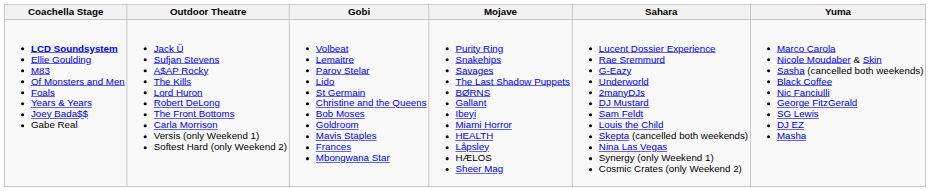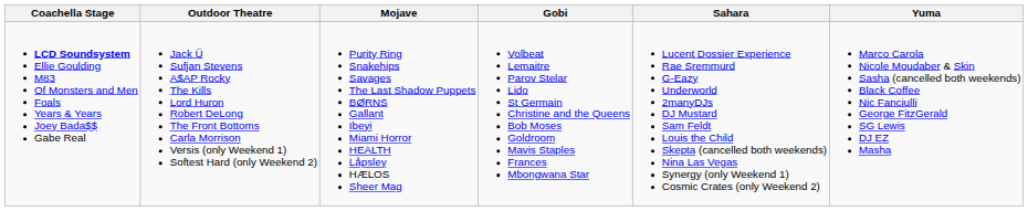 <table class="wikitable">
 <tr>
 <th>Coachella Stage</th>
 <th>Outdoor Theatre</th>
+<th>Mojave</th>
 <th>Gobi</th>
-<th>Mojave</th>
 <th>Sahara</th>
 <th>Yuma</th>
 </tr>
 <tr valign="top">
 <td><br><ul><li><strong><a href='#'>LCD Soundsystem</a></strong></li><li><a href='#'>Ellie Goulding</a></li><li><a href='#'>M83</a></li><li><a href='#'>Of Monsters and Men</a></li><li><a href='#'>Foals</a></li><li><a href='#'>Years & Years</a></li><li><a href='#'>Joey Bada$$</a></li><li>Gabe Real</li></ul></td>
 <td><br><ul><li><a href='#'>Jack Ü</a></li><li><a href='#'>Sufjan Stevens</a></li><li><a href='#'>A$AP Rocky</a></li><li><a href='#'>The Kills</a></li><li><a href='#'>Lord Huron</a></li><li><a href='#'>Robert DeLong</a></li><li><a href='#'>The Front Bottoms</a></li><li><a href='#'>Carla Morrison</a></li><li>Versis (only Weekend 1)</li><li>Softest Hard (only Weekend 2)</li></ul></td>
+<td><br><ul><li><a href='#'>Purity Ring</a></li><li><a href='#'>Snakehips</a></li><li><a href='#'>Savages</a></li><li><a href='#'>The Last Shadow Puppets</a></li><li><a href='#'>BØRNS</a></li><li><a href='#'>Gallant</a></li><li><a href='#'>Ibeyi</a></li><li><a href='#'>Miami Horror</a></li><li><a href='#'>HEALTH</a></li><li><a href='#'>Låpsley</a></li><li>HÆLOS</li><li><a href='#'>Sheer Mag</a></li></ul></td>
 <td><br><ul><li><a href='#'>Volbeat</a></li><li><a href='#'>Lemaitre</a></li><li><a href='#'>Parov Stelar</a></li><li><a href='#'>Lido</a></li><li><a href='#'>St Germain</a></li><li><a href='#'>Christine and the Queens</a></li><li><a href='#'>Bob Moses</a></li><li><a href='#'>Goldroom</a></li><li><a href='#'>Mavis Staples</a></li><li><a href='#'>Frances</a></li><li><a href='#'>Mbongwana Star</a></li></ul></td>
-<td><br><ul><li><a href='#'>Purity Ring</a></li><li><a href='#'>Snakehips</a></li><li><a href='#'>Savages</a></li><li><a href='#'>The Last Shadow Puppets</a></li><li><a href='#'>BØRNS</a></li><li><a href='#'>Gallant</a></li><li><a href='#'>Ibeyi</a></li><li><a href='#'>Miami Horror</a></li><li><a href='#'>HEALTH</a></li><li><a href='#'>Låpsley</a></li><li>HÆLOS</li><li><a href='#'>Sheer Mag</a></li></ul></td>
 <td><br><ul><li><a href='#'>Lucent Dossier Experience</a></li><li><a href='#'>Rae Sremmurd</a></li><li><a href='#'>G-Eazy</a></li><li><a href='#'>Underworld</a></li><li><a href='#'>2manyDJs</a></li><li><a href='#'>DJ Mustard</a></li><li><a href='#'>Sam Feldt</a></li><li><a href='#'>Louis the Child</a></li><li><a href='#'>Skepta</a> (cancelled both weekends)</li><li><a href='#'>Nina Las Vegas</a></li><li>Synergy (only Weekend 1)</li><li>Cosmic Crates (only Weekend 2)</li></ul></td>
 <td><br><ul><li><a href='#'>Marco Carola</a></li><li><a href='#'>Nicole Moudaber</a> & <a href='#'>Skin</a></li><li><a href='#'>Sasha</a> (cancelled both weekends)</li><li><a href='#'>Black Coffee</a></li><li><a href='#'>Nic Fanciulli</a></li><li><a href='#'>George FitzGerald</a></li><li><a href='#'>SG Lewis</a></li><li><a href='#'>DJ EZ</a></li><li><a href='#'>Masha</a></li></ul></td>
 </tr>
 </table>
